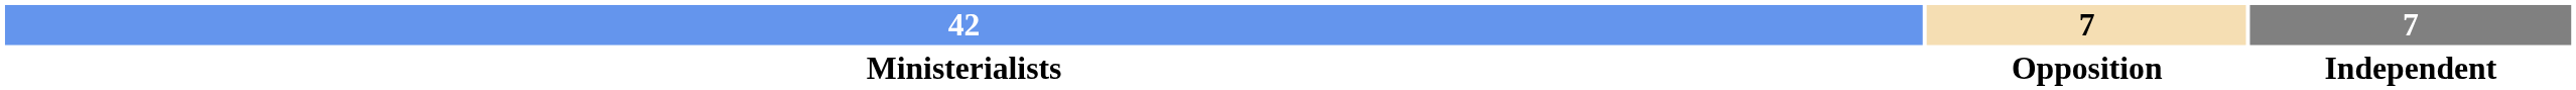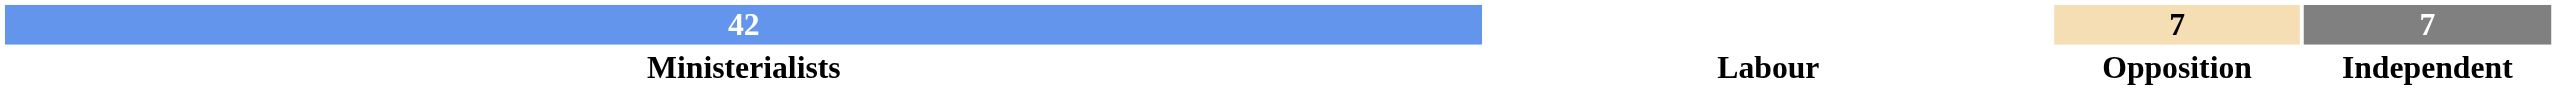 <table style="width:65%; text-align:center;">
 <tr style="color:white;">
 <td style="background:#6495ED; width:58.33%;"><strong>42</strong></td>
+<td style="background:"><strong>16</strong></td>
 <td style="color:black; background:#F5DEB3; width:9.72%;"><strong>7</strong></td>
 <td style="background:gray; width:9.72%;"><strong>7</strong></td>
 </tr>
 <tr>
 <td><span><strong>Ministerialists</strong></span></td>
+<td><span><strong>Labour</strong></span></td>
 <td><span><strong>Opposition</strong></span></td>
 <td><span><strong>Independent</strong></span></td>
 </tr>
 </table>
